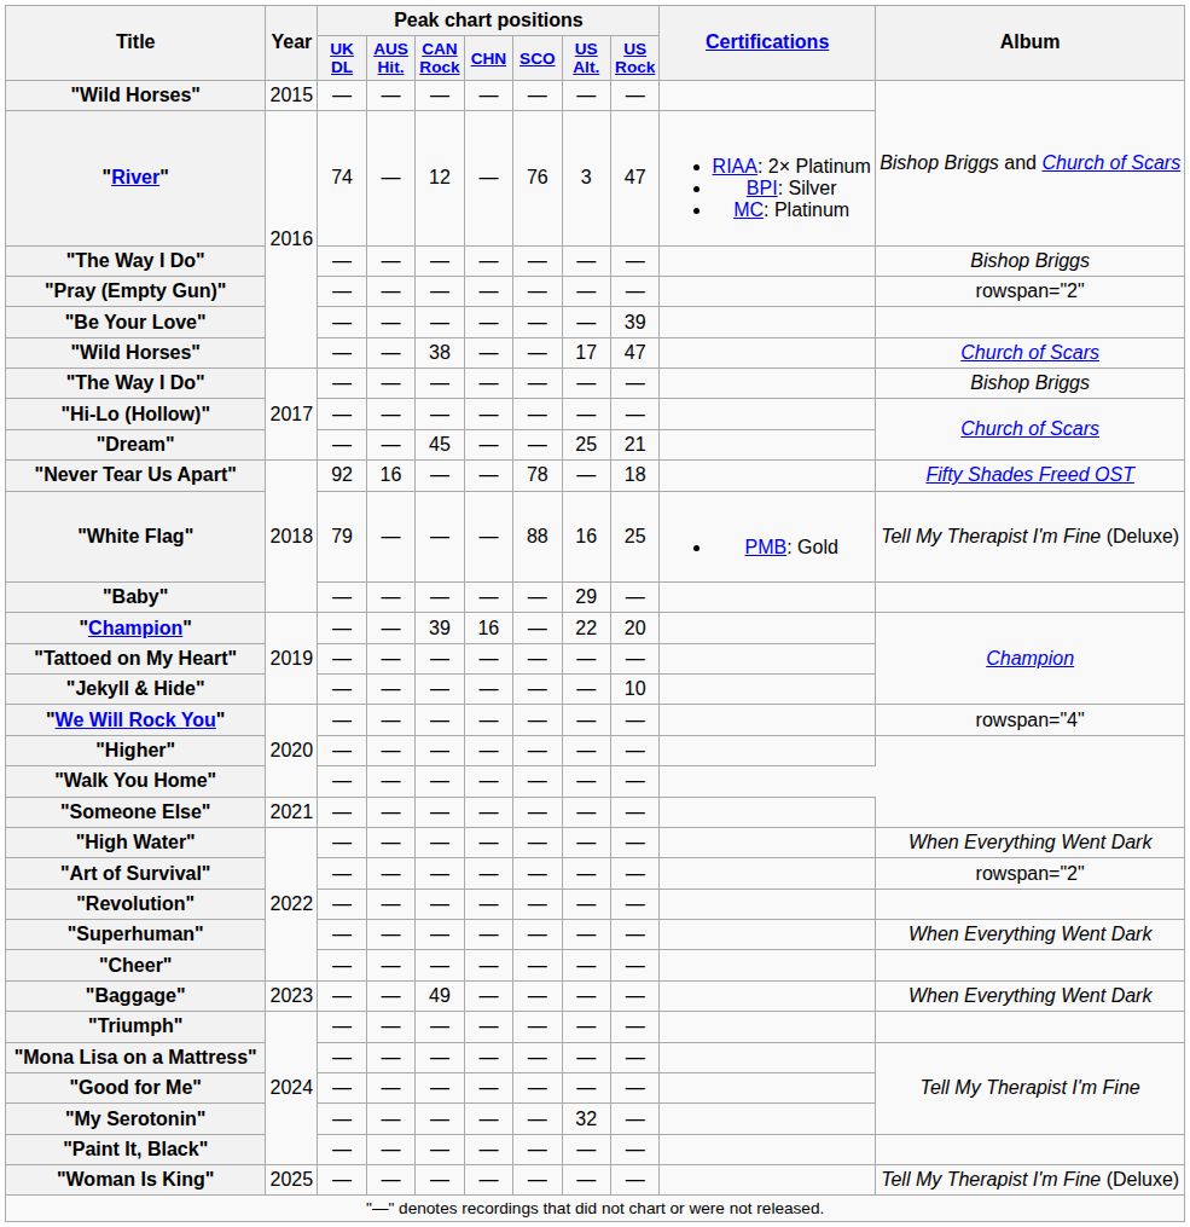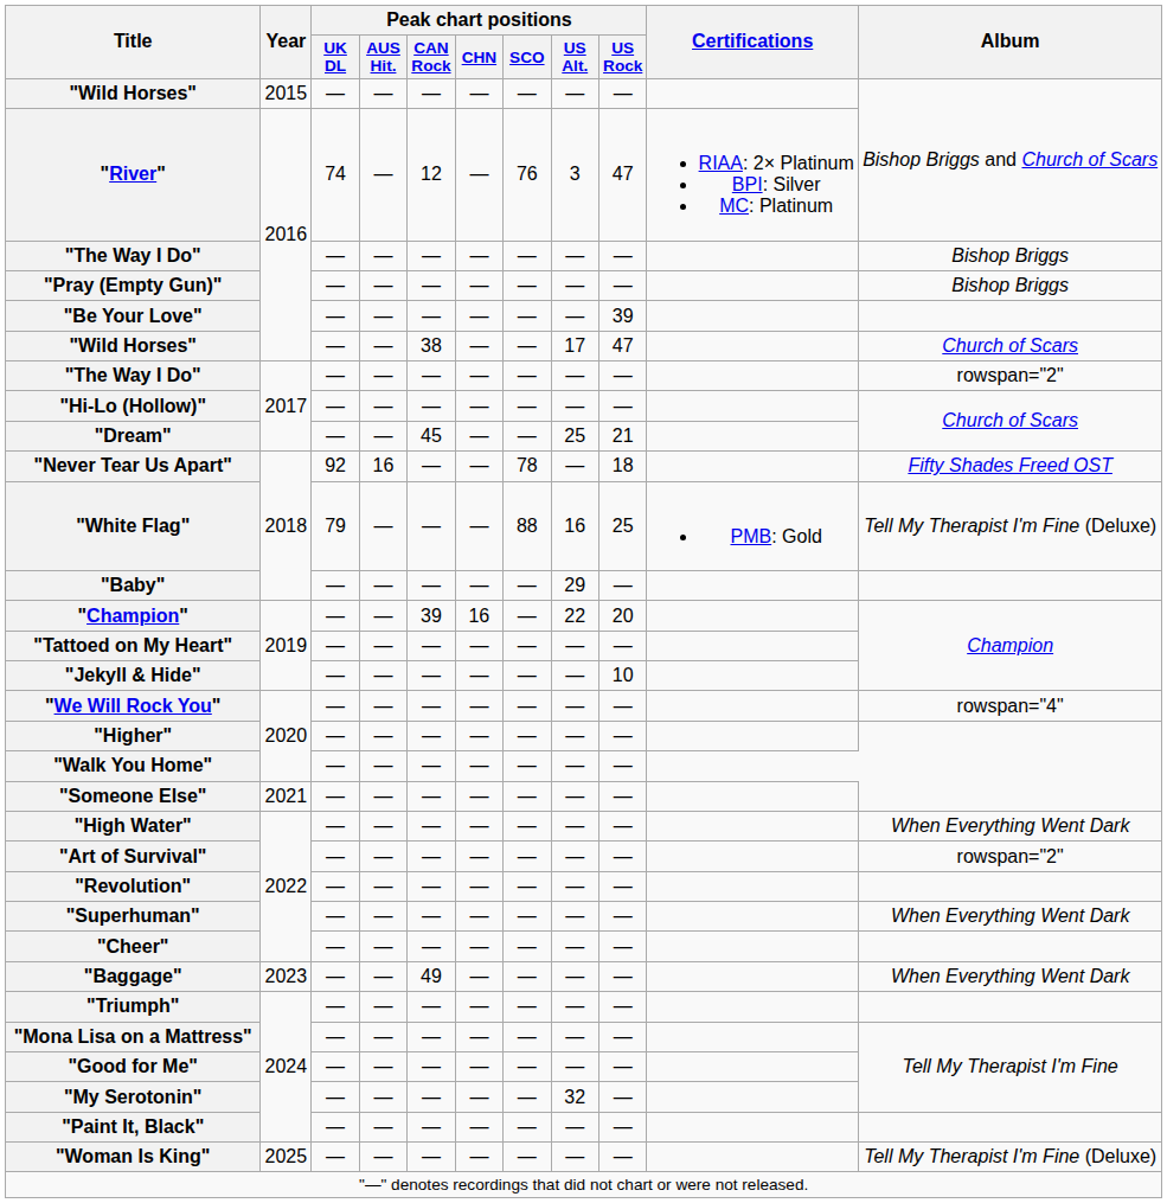 <table class="wikitable plainrowheaders" style="text-align:center;">
 <tr>
 <th scope="col" rowspan="2" style="width:13em;">Title</th>
 <th scope="col" rowspan="2">Year</th>
 <th scope="col" colspan="7">Peak chart positions</th>
 <th scope="col" rowspan="2"><a href='#'>Certifications</a></th>
 <th scope="col" rowspan="2">Album</th>
 </tr>
 <tr>
 <th scope="col" style="width:2.5em;font-size:85%;"><a href='#'>UK<br>DL</a><br></th>
 <th scope="col" style="width:2.5em;font-size:85%;"><a href='#'>AUS<br>Hit.</a><br></th>
 <th scope="col" style="width:2.5em;font-size:85%;"><a href='#'>CAN<br>Rock</a><br></th>
 <th scope="col" style="width:2.5em;font-size:85%;"><a href='#'>CHN</a><br></th>
 <th scope="col" style="width:2.5em;font-size:85%;"><a href='#'>SCO</a><br></th>
 <th scope="col" style="width:2.5em;font-size:85%;"><a href='#'>US<br>Alt.</a><br></th>
 <th scope="col" style="width:2.5em;font-size:85%;"><a href='#'>US<br>Rock</a><br></th>
 </tr>
 <tr>
 <th scope="row">"Wild Horses"</th>
 <td>2015</td>
 <td>—</td>
 <td>—</td>
 <td>—</td>
 <td>—</td>
 <td>—</td>
 <td>—</td>
 <td>—</td>
 <td></td>
 <td rowspan="2"><em>Bishop Briggs</em> and <em><a href='#'>Church of Scars</a></em></td>
 </tr>
 <tr>
 <th scope="row">"<a href='#'>River</a>"</th>
 <td rowspan="5">2016</td>
 <td>74</td>
 <td>—</td>
 <td>12</td>
 <td>—</td>
 <td>76</td>
 <td>3</td>
 <td>47</td>
 <td><br><ul><li><a href='#'>RIAA</a>: 2× Platinum</li><li><a href='#'>BPI</a>: Silver</li><li><a href='#'>MC</a>: Platinum</li></ul></td>
 </tr>
 <tr>
 <th scope="row">"The Way I Do"</th>
 <td>—</td>
 <td>—</td>
 <td>—</td>
 <td>—</td>
 <td>—</td>
 <td>—</td>
 <td>—</td>
 <td></td>
 <td><em>Bishop Briggs</em></td>
 </tr>
 <tr>
 <th scope="row">"Pray (Empty Gun)"</th>
 <td>—</td>
 <td>—</td>
 <td>—</td>
 <td>—</td>
 <td>—</td>
 <td>—</td>
 <td>—</td>
 <td></td>
-<td>rowspan="2" </td>
+<td><em>Bishop Briggs</em></td>
 </tr>
 <tr>
 <th scope="row">"Be Your Love"</th>
 <td>—</td>
 <td>—</td>
 <td>—</td>
 <td>—</td>
 <td>—</td>
 <td>—</td>
 <td>39</td>
 <td></td>
 </tr>
 <tr>
 <th scope="row">"Wild Horses"<br></th>
 <td>—</td>
 <td>—</td>
 <td>38</td>
 <td>—</td>
 <td>—</td>
 <td>17</td>
 <td>47</td>
 <td></td>
 <td><em><a href='#'>Church of Scars</a></em></td>
 </tr>
 <tr>
 <th scope="row">"The Way I Do"<br></th>
 <td rowspan="3">2017</td>
 <td>—</td>
 <td>—</td>
 <td>—</td>
 <td>—</td>
 <td>—</td>
 <td>—</td>
 <td>—</td>
 <td></td>
-<td><em>Bishop Briggs</em></td>
+<td>rowspan="2" </td>
 </tr>
 <tr>
 <th scope="row">"Hi-Lo (Hollow)"</th>
 <td>—</td>
 <td>—</td>
 <td>—</td>
 <td>—</td>
 <td>—</td>
 <td>—</td>
 <td>—</td>
 <td></td>
 <td rowspan="2"><em><a href='#'>Church of Scars</a></em></td>
 </tr>
 <tr>
 <th scope="row">"Dream"</th>
 <td>—</td>
 <td>—</td>
 <td>45</td>
 <td>—</td>
 <td>—</td>
 <td>25</td>
 <td>21</td>
 <td></td>
 </tr>
 <tr>
 <th scope="row">"Never Tear Us Apart"</th>
 <td rowspan="3">2018</td>
 <td>92</td>
 <td>16</td>
 <td>—</td>
 <td>—</td>
 <td>78</td>
 <td>—</td>
 <td>18</td>
 <td></td>
 <td><em><a href='#'>Fifty Shades Freed OST</a></em></td>
 </tr>
 <tr>
 <th scope="row">"White Flag"</th>
 <td>79</td>
 <td>—</td>
 <td>—</td>
 <td>—</td>
 <td>88</td>
 <td>16</td>
 <td>25</td>
 <td><br><ul><li><a href='#'>PMB</a>: Gold</li></ul></td>
 <td><em>Tell My Therapist I'm Fine</em> (Deluxe)</td>
 </tr>
 <tr>
 <th scope="row">"Baby"</th>
 <td>—</td>
 <td>—</td>
 <td>—</td>
 <td>—</td>
 <td>—</td>
 <td>29</td>
 <td>—</td>
 <td></td>
 <td></td>
 </tr>
 <tr>
 <th scope="row">"<a href='#'>Champion</a>"</th>
 <td rowspan="3">2019</td>
 <td>—</td>
 <td>—</td>
 <td>39</td>
 <td>16</td>
 <td>—</td>
 <td>22</td>
 <td>20</td>
 <td></td>
 <td rowspan="3"><em><a href='#'>Champion</a></em></td>
 </tr>
 <tr>
 <th scope="row">"Tattoed on My Heart"</th>
 <td>—</td>
 <td>—</td>
 <td>—</td>
 <td>—</td>
 <td>—</td>
 <td>—</td>
 <td>—</td>
 <td></td>
 </tr>
 <tr>
 <th scope="row">"Jekyll & Hide"</th>
 <td>—</td>
 <td>—</td>
 <td>—</td>
 <td>—</td>
 <td>—</td>
 <td>—</td>
 <td>10</td>
 <td></td>
 </tr>
 <tr>
 <th scope="row">"<a href='#'>We Will Rock You</a>"</th>
 <td rowspan="3">2020</td>
 <td>—</td>
 <td>—</td>
 <td>—</td>
 <td>—</td>
 <td>—</td>
 <td>—</td>
 <td>—</td>
 <td></td>
 <td>rowspan="4" </td>
 </tr>
 <tr>
 <th scope="row">"Higher"</th>
 <td>—</td>
 <td>—</td>
 <td>—</td>
 <td>—</td>
 <td>—</td>
 <td>—</td>
 <td>—</td>
 <td></td>
 </tr>
 <tr>
 <th scope="row">"Walk You Home"</th>
 <td>—</td>
 <td>—</td>
 <td>—</td>
 <td>—</td>
 <td>—</td>
 <td>—</td>
 <td>—</td>
 </tr>
 <tr>
 <th scope="row">"Someone Else"<br></th>
 <td>2021</td>
 <td>—</td>
 <td>—</td>
 <td>—</td>
 <td>—</td>
 <td>—</td>
 <td>—</td>
 <td>—</td>
 <td></td>
 </tr>
 <tr>
 <th scope="row">"High Water"</th>
 <td rowspan="5">2022</td>
 <td>—</td>
 <td>—</td>
 <td>—</td>
 <td>—</td>
 <td>—</td>
 <td>—</td>
 <td>—</td>
 <td></td>
 <td><em>When Everything Went Dark</em></td>
 </tr>
 <tr>
 <th scope="row">"Art of Survival"</th>
 <td>—</td>
 <td>—</td>
 <td>—</td>
 <td>—</td>
 <td>—</td>
 <td>—</td>
 <td>—</td>
 <td></td>
 <td>rowspan="2" </td>
 </tr>
 <tr>
 <th scope="row">"Revolution"</th>
 <td>—</td>
 <td>—</td>
 <td>—</td>
 <td>—</td>
 <td>—</td>
 <td>—</td>
 <td>—</td>
 <td></td>
 </tr>
 <tr>
 <th scope="row">"Superhuman"</th>
 <td>—</td>
 <td>—</td>
 <td>—</td>
 <td>—</td>
 <td>—</td>
 <td>—</td>
 <td>—</td>
 <td></td>
 <td><em>When Everything Went Dark</em></td>
 </tr>
 <tr>
 <th scope="row">"Cheer"</th>
 <td>—</td>
 <td>—</td>
 <td>—</td>
 <td>—</td>
 <td>—</td>
 <td>—</td>
 <td>—</td>
 <td></td>
 <td></td>
 </tr>
 <tr>
 <th scope="row">"Baggage"</th>
 <td>2023</td>
 <td>—</td>
 <td>—</td>
 <td>49</td>
 <td>—</td>
 <td>—</td>
 <td>—</td>
 <td>—</td>
 <td></td>
 <td><em>When Everything Went Dark</em></td>
 </tr>
 <tr>
 <th scope="row">"Triumph"</th>
 <td rowspan="5">2024</td>
 <td>—</td>
 <td>—</td>
 <td>—</td>
 <td>—</td>
 <td>—</td>
 <td>—</td>
 <td>—</td>
 <td></td>
 <td></td>
 </tr>
 <tr>
 <th scope="row">"Mona Lisa on a Mattress"</th>
 <td>—</td>
 <td>—</td>
 <td>—</td>
 <td>—</td>
 <td>—</td>
 <td>—</td>
 <td>—</td>
 <td></td>
 <td rowspan="3"><em>Tell My Therapist I'm Fine</em></td>
 </tr>
 <tr>
 <th scope="row">"Good for Me"</th>
 <td>—</td>
 <td>—</td>
 <td>—</td>
 <td>—</td>
 <td>—</td>
 <td>—</td>
 <td>—</td>
 <td></td>
 </tr>
 <tr>
 <th scope="row">"My Serotonin"</th>
 <td>—</td>
 <td>—</td>
 <td>—</td>
 <td>—</td>
 <td>—</td>
 <td>32</td>
 <td>—</td>
 <td></td>
 </tr>
 <tr>
 <th scope="row">"Paint It, Black"</th>
 <td>—</td>
 <td>—</td>
 <td>—</td>
 <td>—</td>
 <td>—</td>
 <td>—</td>
 <td>—</td>
 <td></td>
 <td></td>
 </tr>
 <tr>
 <th scope="row">"Woman Is King"</th>
 <td>2025</td>
 <td>—</td>
 <td>—</td>
 <td>—</td>
 <td>—</td>
 <td>—</td>
 <td>—</td>
 <td>—</td>
 <td></td>
 <td><em>Tell My Therapist I'm Fine</em> (Deluxe)</td>
 </tr>
 <tr>
 <td colspan="11" style="font-size:85%">"—" denotes recordings that did not chart or were not released.</td>
 </tr>
 </table>
